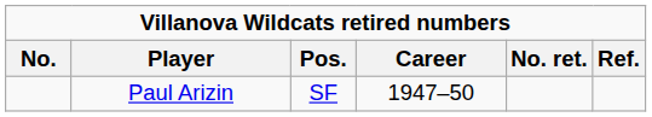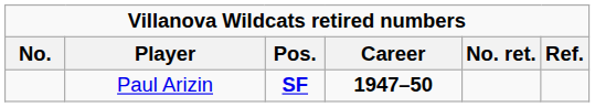 <table class="wikitable sortable" style="text-align:center">
 <tr>
 <td colspan=6><strong>Villanova Wildcats retired numbers</strong></td>
 </tr>
 <tr>
 <th width=40px style= >No.</th>
 <th width=150px style= >Player</th>
 <th width=40px style= >Pos.</th>
 <th width=100px style= >Career</th>
 <th width=px style= >No. ret.</th>
 <th width=px style= >Ref.</th>
 </tr>
 <tr>
 <td></td>
 <td><a href='#'>Paul Arizin</a></td>
-<td><a href='#'>SF</a></td>
-<td>1947–50</td>
+<td><strong><a href='#'>SF</a></strong></td>
+<td><strong>1947–50</strong></td>
 <td></td>
 <td></td>
 </tr>
 </table>
